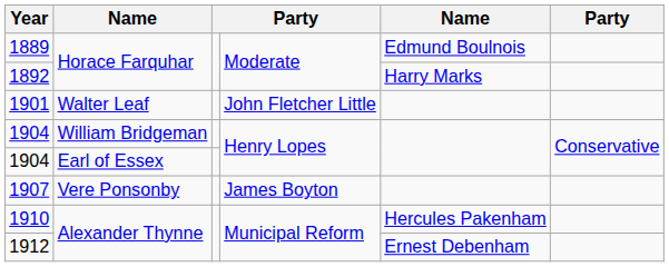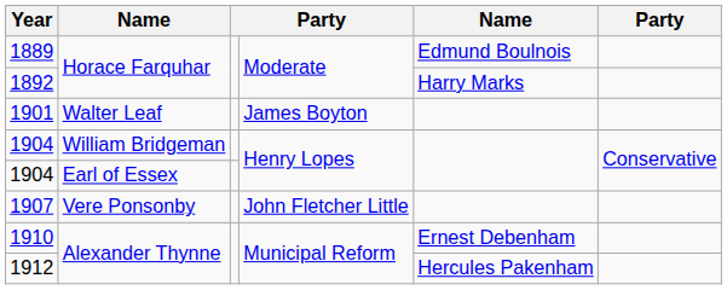 <table class="wikitable">
 <tr>
 <th>Year</th>
 <th>Name</th>
 <th colspan=2>Party</th>
 <th>Name</th>
 <th colspan=2>Party</th>
 </tr>
 <tr>
 <td><a href='#'>1889</a></td>
 <td rowspan=2><a href='#'>Horace Farquhar</a></td>
 <td rowspan=2 style="background-color: "></td>
 <td rowspan=2><a href='#'>Moderate</a></td>
 <td><a href='#'>Edmund Boulnois</a></td>
 <td></td>
 </tr>
 <tr>
 <td><a href='#'>1892</a></td>
 <td><a href='#'>Harry Marks</a></td>
 <td></td>
 </tr>
 <tr>
 <td><a href='#'>1901</a></td>
 <td><a href='#'>Walter Leaf</a></td>
 <td></td>
-<td><a href='#'>John Fletcher Little</a></td>
+<td><a href='#'>James Boyton</a></td>
 <td></td>
 </tr>
 <tr>
 <td><a href='#'>1904</a></td>
 <td><a href='#'>William Bridgeman</a></td>
 <td></td>
 <td rowspan=2><a href='#'>Henry Lopes</a></td>
 <td rowspan=2 style="background-color: "></td>
 <td rowspan=2><a href='#'>Conservative</a></td>
 </tr>
 <tr>
 <td>1904</td>
 <td><a href='#'>Earl of Essex</a></td>
 <td></td>
 </tr>
 <tr>
 <td><a href='#'>1907</a></td>
 <td><a href='#'>Vere Ponsonby</a></td>
 <td></td>
-<td><a href='#'>James Boyton</a></td>
+<td><a href='#'>John Fletcher Little</a></td>
 <td></td>
 </tr>
 <tr>
 <td><a href='#'>1910</a></td>
 <td rowspan=2><a href='#'>Alexander Thynne</a></td>
 <td rowspan=2 style="background-color: "></td>
 <td rowspan=2><a href='#'>Municipal Reform</a></td>
-<td><a href='#'>Hercules Pakenham</a></td>
+<td><a href='#'>Ernest Debenham</a></td>
 <td></td>
 </tr>
 <tr>
 <td>1912</td>
-<td><a href='#'>Ernest Debenham</a></td>
+<td><a href='#'>Hercules Pakenham</a></td>
 <td></td>
 </tr>
 </table>
